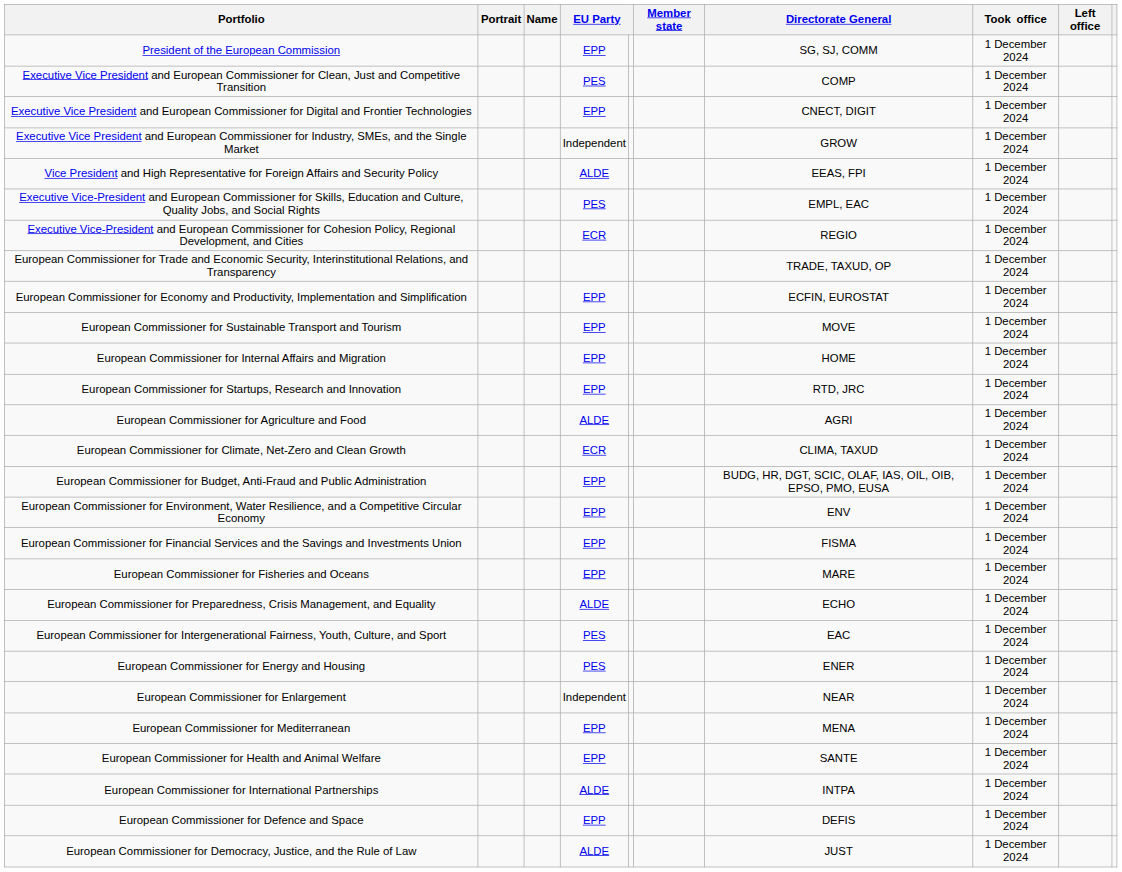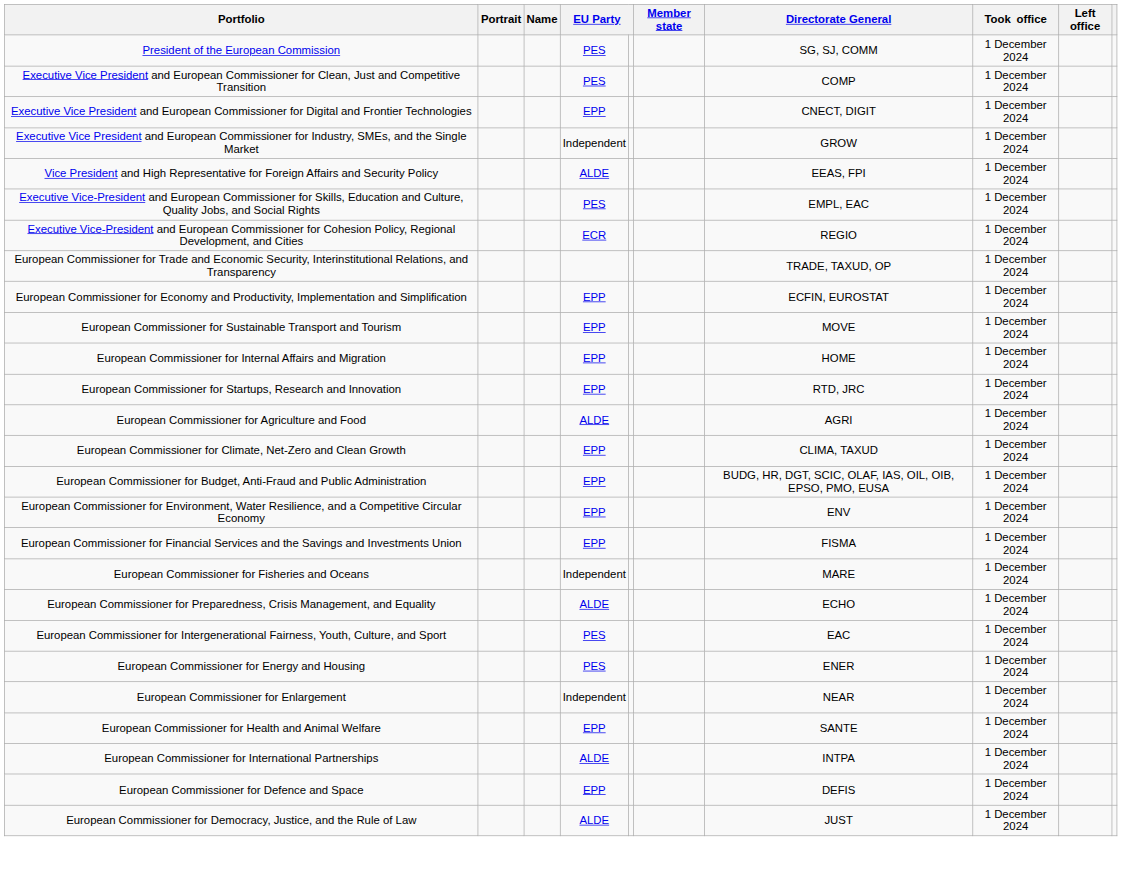 <table class="wikitable sortable" style="text-align:center">
 <tr>
 <th>Portfolio</th>
 <th class=unsortable>Portrait</th>
 <th>Name</th>
 <th colspan=2><a href='#'>EU Party</a><br></th>
 <th><a href='#'>Member state</a></th>
 <th><a href='#'>Directorate General</a></th>
 <th>Took office</th>
 <th>Left office</th>
 <th class=unsortable></th>
 </tr>
 <tr>
 <td><a href='#'>President of the European Commission</a></td>
 <td></td>
 <td><strong></strong></td>
-<td><a href='#'>EPP</a><br></td>
+<td><a href='#'>PES</a><br></td>
 <td style="background-color:"></td>
 <td></td>
 <td>SG, SJ, COMM</td>
 <td>1 December 2024</td>
 <td></td>
 <td></td>
 </tr>
 <tr>
 <td><a href='#'>Executive Vice President</a> and European Commissioner for Clean, Just and Competitive Transition</td>
 <td></td>
 <td><strong></strong></td>
 <td><a href='#'>PES</a><br></td>
 <td style="background-color:"></td>
 <td></td>
 <td>COMP</td>
 <td>1 December 2024</td>
 <td></td>
 <td></td>
 </tr>
 <tr>
 <td><a href='#'>Executive Vice President</a> and European Commissioner for Digital and Frontier Technologies</td>
 <td></td>
 <td><strong></strong></td>
 <td><a href='#'>EPP</a><br></td>
 <td style="background-color:"></td>
 <td></td>
 <td>CNECT, DIGIT</td>
 <td>1 December 2024</td>
 <td></td>
 <td></td>
 </tr>
 <tr>
 <td><a href='#'>Executive Vice President</a> and European Commissioner for Industry, SMEs, and the Single Market</td>
 <td></td>
 <td><strong></strong></td>
 <td>Independent<br></td>
 <td style="background-color:"></td>
 <td></td>
 <td>GROW</td>
 <td>1 December 2024</td>
 <td></td>
 <td></td>
 </tr>
 <tr>
 <td><a href='#'>Vice President</a> and High Representative for Foreign Affairs and Security Policy</td>
 <td></td>
 <td><strong></strong></td>
 <td><a href='#'>ALDE</a><br></td>
 <td style="background-color:"></td>
 <td></td>
 <td>EEAS, FPI</td>
 <td>1 December 2024</td>
 <td></td>
 <td></td>
 </tr>
 <tr>
 <td><a href='#'>Executive Vice-President</a> and European Commissioner for Skills, Education and Culture, Quality Jobs, and Social Rights</td>
 <td></td>
 <td><strong></strong></td>
 <td><a href='#'>PES</a><br></td>
 <td style="background-color:"></td>
 <td></td>
 <td>EMPL, EAC</td>
 <td>1 December 2024</td>
 <td></td>
 <td></td>
 </tr>
 <tr>
 <td><a href='#'>Executive Vice-President</a> and European Commissioner for Cohesion Policy, Regional Development, and Cities</td>
 <td></td>
 <td><strong></strong></td>
 <td><a href='#'>ECR</a><br></td>
 <td style="background-color:"></td>
 <td></td>
 <td>REGIO</td>
 <td>1 December 2024</td>
 <td></td>
 <td></td>
 </tr>
 <tr>
 <td>European Commissioner for Trade and Economic Security, Interinstitutional Relations, and Transparency</td>
 <td></td>
 <td><strong></strong></td>
 <td><br></td>
 <td style="background-color:"></td>
 <td></td>
 <td>TRADE, TAXUD, OP</td>
 <td>1 December 2024</td>
 <td></td>
 <td></td>
 </tr>
 <tr>
 <td>European Commissioner for Economy and Productivity, Implementation and Simplification</td>
 <td></td>
 <td><strong></strong></td>
 <td><a href='#'>EPP</a><br></td>
 <td style="background-color:"></td>
 <td></td>
 <td>ECFIN, EUROSTAT</td>
 <td>1 December 2024</td>
 <td></td>
 <td></td>
 </tr>
 <tr>
 <td>European Commissioner for Sustainable Transport and Tourism</td>
 <td></td>
 <td><strong></strong></td>
 <td><a href='#'>EPP</a><br></td>
 <td style="background-color:"></td>
 <td></td>
 <td>MOVE</td>
 <td>1 December 2024</td>
 <td></td>
 <td></td>
 </tr>
 <tr>
 <td>European Commissioner for Internal Affairs and Migration</td>
 <td></td>
 <td><strong></strong></td>
 <td><a href='#'>EPP</a><br></td>
 <td style="background-color:"></td>
 <td></td>
 <td>HOME</td>
 <td>1 December 2024</td>
 <td></td>
 <td></td>
 </tr>
 <tr>
 <td>European Commissioner for Startups, Research and Innovation</td>
 <td></td>
 <td><strong></strong></td>
 <td><a href='#'>EPP</a><br></td>
 <td style="background-color:"></td>
 <td></td>
 <td>RTD, JRC</td>
 <td>1 December 2024</td>
 <td></td>
 <td></td>
 </tr>
 <tr>
 <td>European Commissioner for Agriculture and Food</td>
 <td></td>
 <td><strong></strong></td>
 <td><a href='#'>ALDE</a><br></td>
 <td style="background-color:"></td>
 <td></td>
 <td>AGRI</td>
 <td>1 December 2024</td>
 <td></td>
 <td></td>
 </tr>
 <tr>
 <td>European Commissioner for Climate, Net-Zero and Clean Growth</td>
 <td></td>
 <td><strong></strong></td>
-<td><a href='#'>ECR</a><br></td>
+<td><a href='#'>EPP</a><br></td>
 <td style="background-color:"></td>
 <td></td>
 <td>CLIMA, TAXUD</td>
 <td>1 December 2024</td>
 <td></td>
 <td></td>
 </tr>
 <tr>
 <td>European Commissioner for Budget, Anti-Fraud and Public Administration</td>
 <td></td>
 <td><strong></strong></td>
 <td><a href='#'>EPP</a><br></td>
 <td style="background-color:"></td>
 <td></td>
 <td>BUDG, HR, DGT, SCIC, OLAF, IAS, OIL, OIB, EPSO, PMO, EUSA</td>
 <td>1 December 2024</td>
 <td></td>
 <td></td>
 </tr>
 <tr>
 <td>European Commissioner for Environment, Water Resilience, and a Competitive Circular Economy</td>
 <td></td>
 <td><strong></strong></td>
 <td><a href='#'>EPP</a><br></td>
 <td style="background-color:"></td>
 <td></td>
 <td>ENV</td>
 <td>1 December 2024</td>
 <td></td>
 <td></td>
 </tr>
 <tr>
 <td>European Commissioner for Financial Services and the Savings and Investments Union</td>
 <td></td>
 <td><strong></strong></td>
 <td><a href='#'>EPP</a><br></td>
 <td style="background-color:"></td>
 <td></td>
 <td>FISMA</td>
 <td>1 December 2024</td>
 <td></td>
 <td></td>
 </tr>
 <tr>
 <td>European Commissioner for Fisheries and Oceans</td>
 <td></td>
 <td><strong></strong></td>
-<td><a href='#'>EPP</a><br></td>
+<td>Independent</td>
 <td style="background-color:"></td>
 <td></td>
 <td>MARE</td>
 <td>1 December 2024</td>
 <td></td>
 <td></td>
 </tr>
 <tr>
 <td>European Commissioner for Preparedness, Crisis Management, and Equality</td>
 <td></td>
 <td><strong></strong></td>
 <td><a href='#'>ALDE</a><br></td>
 <td style="background-color:"></td>
 <td></td>
 <td>ECHO</td>
 <td>1 December 2024</td>
 <td></td>
 <td></td>
 </tr>
 <tr>
 <td>European Commissioner for Intergenerational Fairness, Youth, Culture, and Sport</td>
 <td></td>
 <td><strong></strong></td>
 <td><a href='#'>PES</a><br></td>
 <td style="background-color:"></td>
 <td></td>
 <td>EAC</td>
 <td>1 December 2024</td>
 <td></td>
 <td></td>
 </tr>
 <tr>
 <td>European Commissioner for Energy and Housing</td>
 <td></td>
 <td><strong></strong></td>
 <td><a href='#'>PES</a><br></td>
 <td style="background-color:"></td>
 <td></td>
 <td>ENER</td>
 <td>1 December 2024</td>
 <td></td>
 <td></td>
 </tr>
 <tr>
 <td>European Commissioner for Enlargement</td>
 <td></td>
 <td><strong></strong></td>
 <td>Independent</td>
 <td style="background-color:"></td>
 <td></td>
 <td>NEAR</td>
 <td>1 December 2024</td>
 <td></td>
 <td></td>
 </tr>
 <tr>
-<td>European Commissioner for Mediterranean</td>
-<td></td>
-<td><strong></strong></td>
-<td><a href='#'>EPP</a><br></td>
-<td style="background-color:"></td>
-<td></td>
-<td>MENA</td>
-<td>1 December 2024</td>
-<td></td>
-<td></td>
-</tr>
-<tr>
 <td>European Commissioner for Health and Animal Welfare</td>
 <td></td>
 <td><strong></strong></td>
 <td><a href='#'>EPP</a><br></td>
 <td style="background-color:"></td>
 <td></td>
 <td>SANTE</td>
 <td>1 December 2024</td>
 <td></td>
 <td></td>
 </tr>
 <tr>
 <td>European Commissioner for International Partnerships</td>
 <td></td>
 <td><strong></strong></td>
 <td><a href='#'>ALDE</a><br></td>
 <td style="background-color:"></td>
 <td></td>
 <td>INTPA</td>
 <td>1 December 2024</td>
 <td></td>
 <td></td>
 </tr>
 <tr>
 <td>European Commissioner for Defence and Space</td>
 <td></td>
 <td><strong></strong></td>
 <td><a href='#'>EPP</a><br></td>
 <td style="background-color:"></td>
 <td></td>
 <td>DEFIS</td>
 <td>1 December 2024</td>
 <td></td>
 <td></td>
 </tr>
 <tr>
 <td>European Commissioner for Democracy, Justice, and the Rule of Law</td>
 <td></td>
 <td><strong></strong></td>
 <td><a href='#'>ALDE</a><br></td>
 <td style="background-color:"></td>
 <td></td>
 <td>JUST</td>
 <td>1 December 2024</td>
 <td></td>
 <td></td>
 </tr>
 </table>
